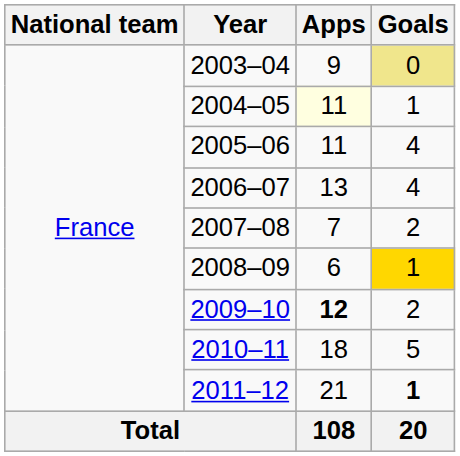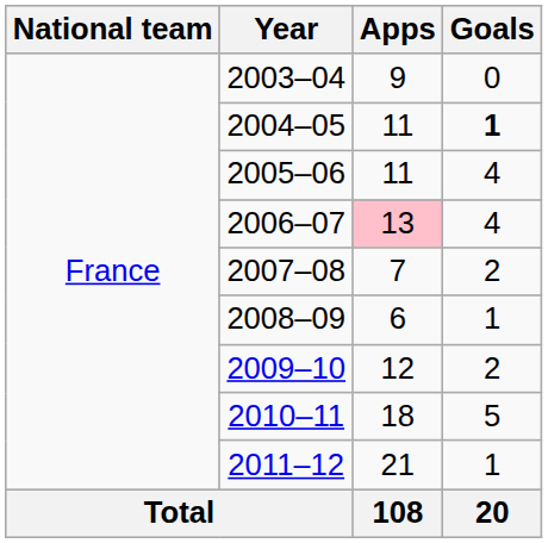 <table class="wikitable" style="text-align:center">
 <tr>
 <th>National team</th>
 <th>Year</th>
 <th>Apps</th>
 <th>Goals</th>
 </tr>
 <tr>
 <td rowspan="9"><a href='#'>France</a></td>
 <td>2003–04</td>
 <td>9</td>
-<td style="background: khaki;">0</td>
+<td>0</td>
 </tr>
 <tr>
 <td>2004–05</td>
-<td style="background: lightyellow;">11</td>
-<td>1</td>
+<td>11</td>
+<td><strong>1</strong></td>
 </tr>
 <tr>
 <td>2005–06</td>
 <td>11</td>
 <td>4</td>
 </tr>
 <tr>
 <td>2006–07</td>
-<td>13</td>
+<td style="background: pink;">13</td>
 <td>4</td>
 </tr>
 <tr>
 <td>2007–08</td>
 <td>7</td>
 <td>2</td>
 </tr>
 <tr>
 <td>2008–09</td>
 <td>6</td>
-<td style="background: gold;">1</td>
+<td>1</td>
 </tr>
 <tr>
 <td><a href='#'>2009–10</a></td>
-<td><strong>12</strong></td>
+<td>12</td>
 <td>2</td>
 </tr>
 <tr>
 <td><a href='#'>2010–11</a></td>
 <td>18</td>
 <td>5</td>
 </tr>
 <tr>
 <td><a href='#'>2011–12</a></td>
 <td>21</td>
-<td><strong>1</strong></td>
+<td>1</td>
 </tr>
 <tr>
 <th colspan="2">Total</th>
 <th>108</th>
 <th>20</th>
 </tr>
 </table>
